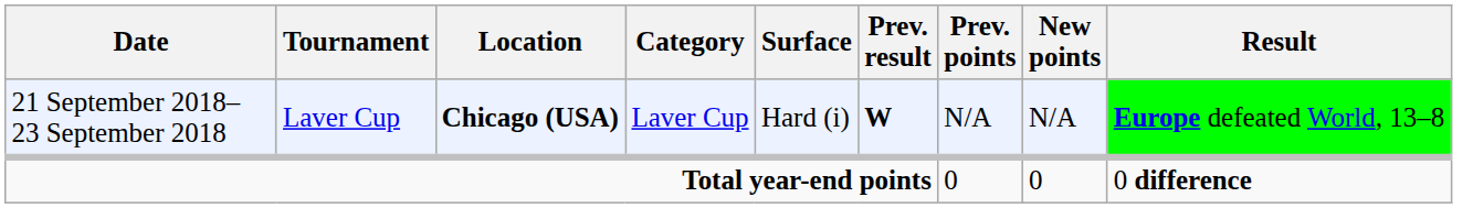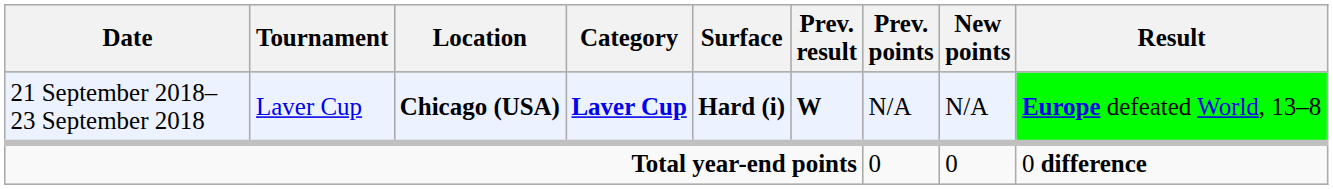 <table class="wikitable" style="text-align:left">
 <tr>
 <th style="width:150px">Date</th>
 <th>Tournament</th>
 <th>Location</th>
 <th>Category</th>
 <th>Surface</th>
 <th>Prev.<br>result</th>
 <th>Prev.<br>points</th>
 <th>New<br>points</th>
 <th>Result</th>
 </tr>
 <tr style="background:#ECF2FF;">
 <td>21 September 2018–<br>23 September 2018</td>
 <td><a href='#'>Laver Cup</a></td>
 <td><strong>Chicago (USA)</strong></td>
-<td><a href='#'>Laver Cup</a></td>
-<td>Hard (i)</td>
+<td><strong><a href='#'>Laver Cup</a></strong></td>
+<td><strong>Hard (i)</strong></td>
 <td><strong>W</strong></td>
 <td>N/A</td>
 <td>N/A</td>
 <td style="background:lime;"><strong> <a href='#'>Europe</a></strong> defeated  <a href='#'>World</a>, 13–8</td>
 </tr>
 <tr style="border-top:4px solid silver;">
 <td colspan=6 align=right><strong>Total year-end points</strong></td>
 <td>0</td>
 <td>0</td>
 <td> 0 <strong>difference</strong></td>
 </tr>
 </table>
